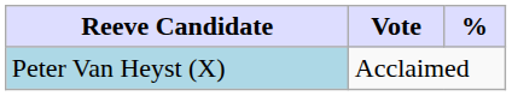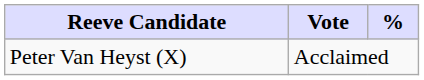 <table class="wikitable">
 <tr>
 <th style="background:#ddf; width:200px;">Reeve Candidate</th>
 <th style="background:#ddf; width:50px;">Vote</th>
 <th style="background:#ddf; width:30px;">%</th>
 </tr>
 <tr>
-<td style="background: lightblue;">Peter Van Heyst (X)</td>
+<td>Peter Van Heyst (X)</td>
 <td colspan="2">Acclaimed</td>
 </tr>
 </table>
